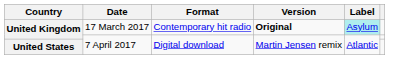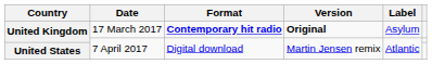 <table class="wikitable plainrowheaders">
 <tr>
 <th scope="row">Country</th>
 <th scope="row">Date</th>
 <th scope="row">Format</th>
 <th scope="row">Version</th>
 <th scope="row">Label</th>
 <th scope="row"></th>
 </tr>
 <tr>
 <th scope="row" rowspan="2">United Kingdom</th>
 <td>17 March 2017</td>
-<td><a href='#'>Contemporary hit radio</a></td>
+<td><strong><a href='#'>Contemporary hit radio</a></strong></td>
 <td><strong>Original</strong></td>
-<td style="background: paleturquoise;"><a href='#'>Asylum</a></td>
+<td><a href='#'>Asylum</a></td>
 <td></td>
 </tr>
 <tr>
 <td rowspan="2">7 April 2017</td>
 <td rowspan="2"><a href='#'>Digital download</a></td>
 <td rowspan="2"><a href='#'>Martin Jensen</a> remix</td>
 <td rowspan="2"><a href='#'>Atlantic</a></td>
 <td></td>
 </tr>
 <tr>
 <th scope="row">United States</th>
 <td></td>
 </tr>
 </table>
